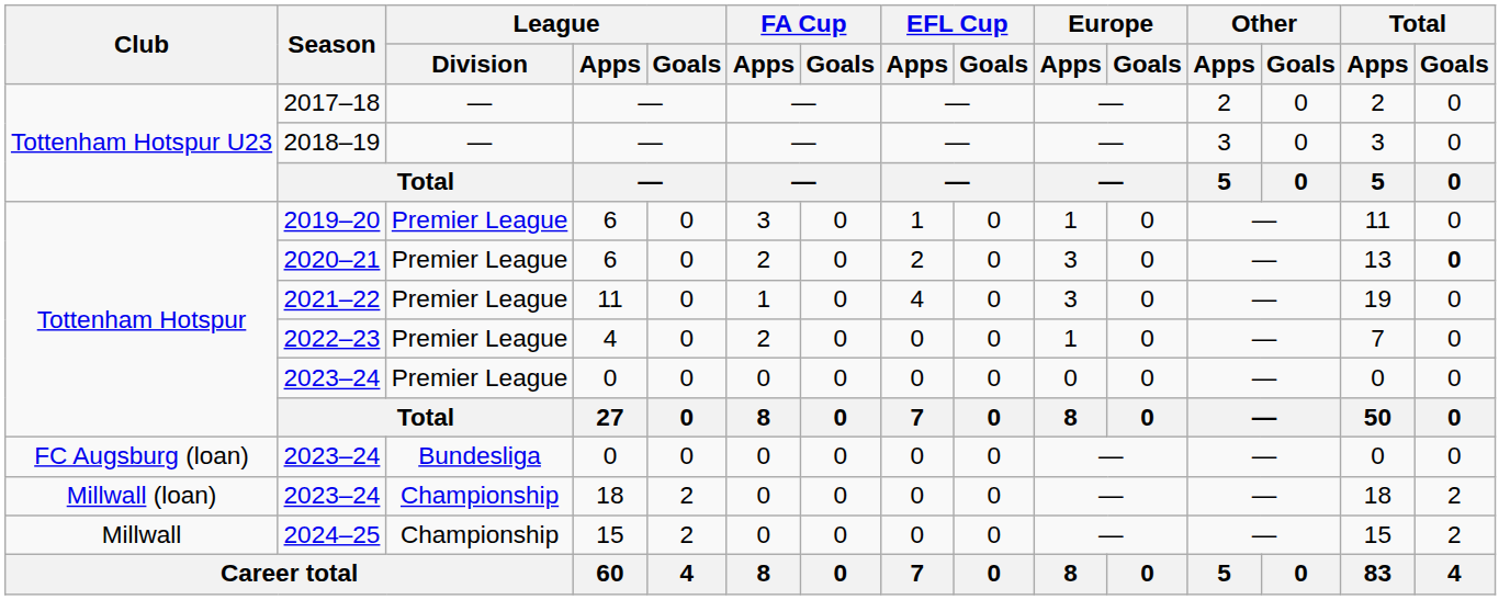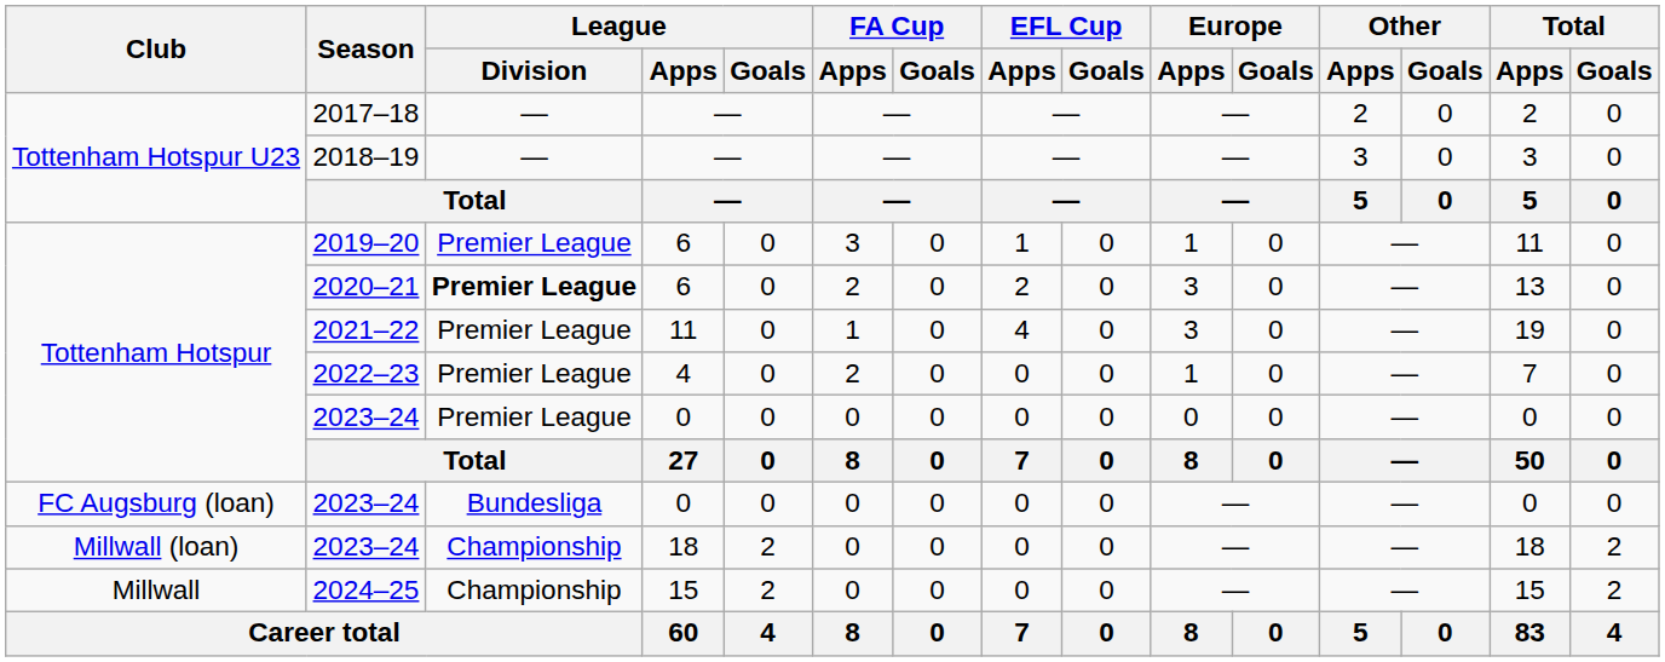 <table class=wikitable style=text-align:center>
 <tr>
 <th rowspan=2>Club</th>
 <th rowspan=2>Season</th>
 <th colspan=3>League</th>
 <th colspan=2><a href='#'>FA Cup</a></th>
 <th colspan=2><a href='#'>EFL Cup</a></th>
 <th colspan=2>Europe</th>
 <th colspan=2>Other</th>
 <th colspan=2>Total</th>
 </tr>
 <tr>
 <th>Division</th>
 <th>Apps</th>
 <th>Goals</th>
 <th>Apps</th>
 <th>Goals</th>
 <th>Apps</th>
 <th>Goals</th>
 <th>Apps</th>
 <th>Goals</th>
 <th>Apps</th>
 <th>Goals</th>
 <th>Apps</th>
 <th>Goals</th>
 </tr>
 <tr>
 <td rowspan=3><a href='#'>Tottenham Hotspur U23</a></td>
 <td>2017–18</td>
 <td colspan=1>—</td>
 <td colspan=2>—</td>
 <td colspan=2>—</td>
 <td colspan=2>—</td>
 <td colspan=2>—</td>
 <td>2</td>
 <td>0</td>
 <td>2</td>
 <td>0</td>
 </tr>
 <tr>
 <td>2018–19</td>
 <td colspan=1>—</td>
 <td colspan=2>—</td>
 <td colspan=2>—</td>
 <td colspan=2>—</td>
 <td colspan=2>—</td>
 <td>3</td>
 <td>0</td>
 <td>3</td>
 <td>0</td>
 </tr>
 <tr>
 <th colspan="2">Total</th>
 <th colspan=2>—</th>
 <th colspan=2>—</th>
 <th colspan=2>—</th>
 <th colspan=2>—</th>
 <th>5</th>
 <th>0</th>
 <th>5</th>
 <th>0</th>
 </tr>
 <tr>
 <td rowspan=6><a href='#'>Tottenham Hotspur</a></td>
 <td><a href='#'>2019–20</a></td>
 <td><a href='#'>Premier League</a></td>
 <td>6</td>
 <td>0</td>
 <td>3</td>
 <td>0</td>
 <td>1</td>
 <td>0</td>
 <td>1</td>
 <td>0</td>
 <td colspan=2>—</td>
 <td>11</td>
 <td>0</td>
 </tr>
 <tr>
 <td><a href='#'>2020–21</a></td>
-<td>Premier League</td>
+<td><strong>Premier League</strong></td>
 <td>6</td>
 <td>0</td>
 <td>2</td>
 <td>0</td>
 <td>2</td>
 <td>0</td>
 <td>3</td>
 <td>0</td>
 <td colspan=2>—</td>
 <td>13</td>
-<td><strong>0</strong></td>
+<td>0</td>
 </tr>
 <tr>
 <td><a href='#'>2021–22</a></td>
 <td>Premier League</td>
 <td>11</td>
 <td>0</td>
 <td>1</td>
 <td>0</td>
 <td>4</td>
 <td>0</td>
 <td>3</td>
 <td>0</td>
 <td colspan=2>—</td>
 <td>19</td>
 <td>0</td>
 </tr>
 <tr>
 <td><a href='#'>2022–23</a></td>
 <td>Premier League</td>
 <td>4</td>
 <td>0</td>
 <td>2</td>
 <td>0</td>
 <td>0</td>
 <td>0</td>
 <td>1</td>
 <td>0</td>
 <td colspan=2>—</td>
 <td>7</td>
 <td>0</td>
 </tr>
 <tr>
 <td><a href='#'>2023–24</a></td>
 <td>Premier League</td>
 <td>0</td>
 <td>0</td>
 <td>0</td>
 <td>0</td>
 <td>0</td>
 <td>0</td>
 <td>0</td>
 <td>0</td>
 <td colspan=2>—</td>
 <td>0</td>
 <td>0</td>
 </tr>
 <tr>
 <th colspan=2>Total</th>
 <th>27</th>
 <th>0</th>
 <th>8</th>
 <th>0</th>
 <th>7</th>
 <th>0</th>
 <th>8</th>
 <th>0</th>
 <th colspan=2>—</th>
 <th>50</th>
 <th>0</th>
 </tr>
 <tr>
 <td><a href='#'>FC Augsburg</a> (loan)</td>
 <td><a href='#'>2023–24</a></td>
 <td><a href='#'>Bundesliga</a></td>
 <td>0</td>
 <td>0</td>
 <td>0</td>
 <td>0</td>
 <td>0</td>
 <td>0</td>
 <td colspan=2>—</td>
 <td colspan=2>—</td>
 <td>0</td>
 <td>0</td>
 </tr>
 <tr>
 <td><a href='#'>Millwall</a> (loan)</td>
 <td><a href='#'>2023–24</a></td>
 <td><a href='#'>Championship</a></td>
 <td>18</td>
 <td>2</td>
 <td>0</td>
 <td>0</td>
 <td>0</td>
 <td>0</td>
 <td colspan=2>—</td>
 <td colspan=2>—</td>
 <td>18</td>
 <td>2</td>
 </tr>
 <tr>
 <td>Millwall</td>
 <td><a href='#'>2024–25</a></td>
 <td>Championship</td>
 <td>15</td>
 <td>2</td>
 <td>0</td>
 <td>0</td>
 <td>0</td>
 <td>0</td>
 <td colspan="2">—</td>
 <td colspan="2">—</td>
 <td>15</td>
 <td>2</td>
 </tr>
 <tr>
 <th colspan="3">Career total</th>
 <th>60</th>
 <th>4</th>
 <th>8</th>
 <th>0</th>
 <th>7</th>
 <th>0</th>
 <th>8</th>
 <th>0</th>
 <th>5</th>
 <th>0</th>
 <th>83</th>
 <th>4</th>
 </tr>
 </table>
